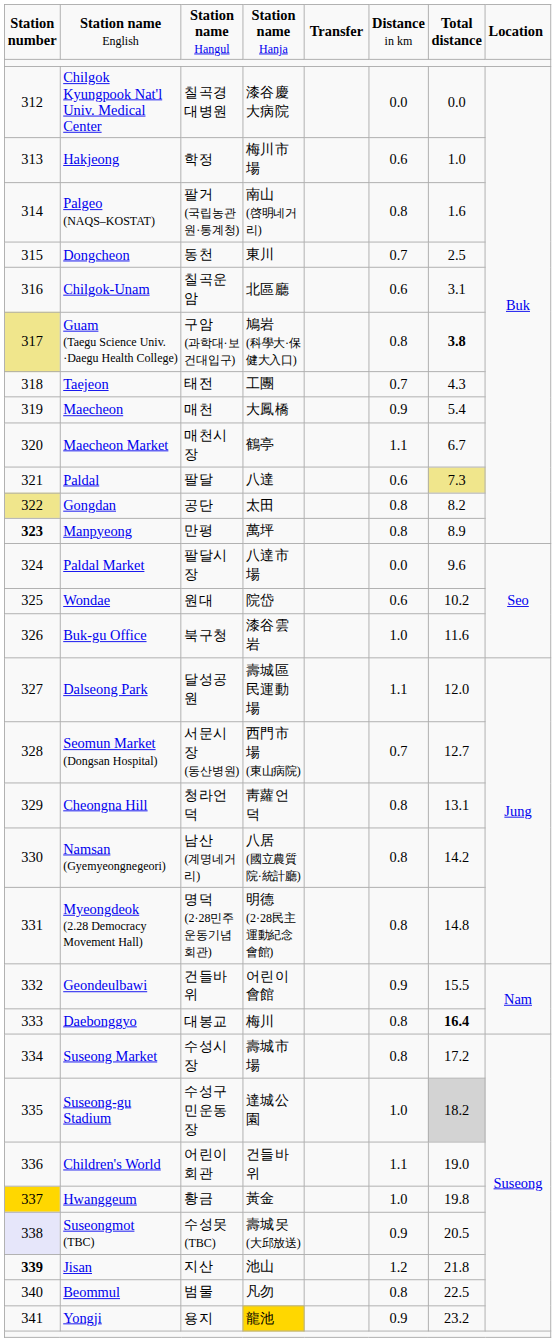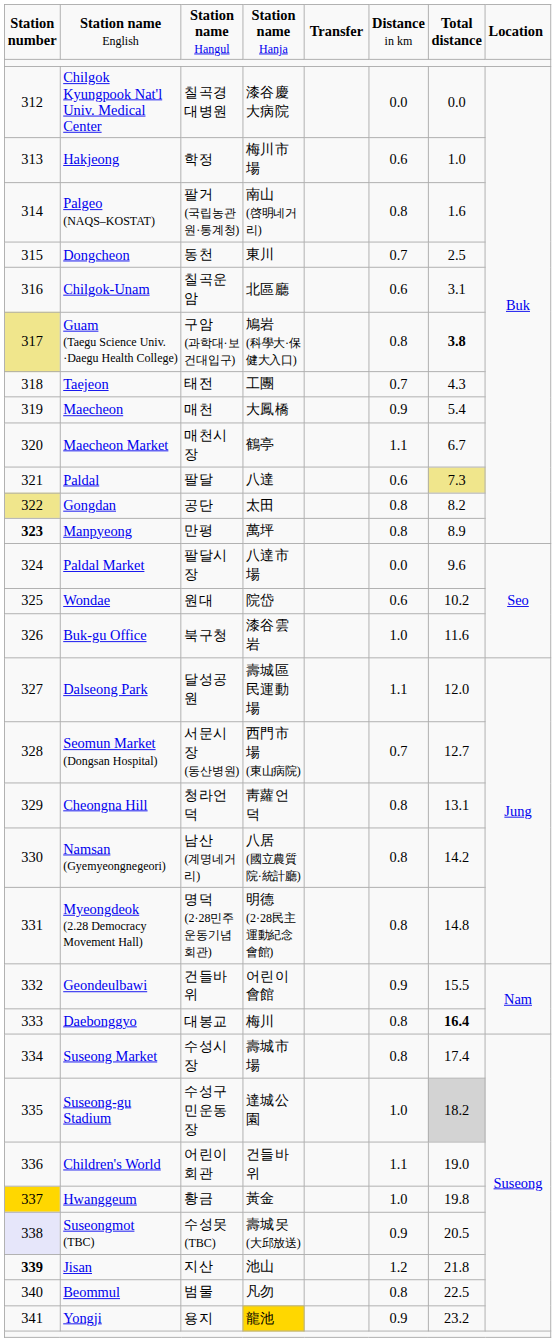 <table class="wikitable">
 <tr>
 <td style="text-align:center;"><strong>Station<br>number</strong></td>
 <td width = "220pt" style="text-align:center;"><strong>Station name</strong><br><small>English</small></td>
 <td width = "145pt" style="text-align:center;"><strong>Station name</strong><br><small><a href='#'>Hangul</a></small></td>
 <td width = "145pt" style="text-align:center;"><strong>Station name</strong><br><small><a href='#'>Hanja</a></small></td>
 <td width = "100pt" style="text-align:center;"><strong>Transfer</strong></td>
 <td style="text-align:center;"><strong>Distance</strong><br><small>in km</small></td>
 <td style="text-align:center;"><strong>Total<br>distance</strong></td>
 <td><strong>Location</strong></td>
 </tr>
 <tr style="background:#">
 <td colspan="10"></td>
 </tr>
 <tr>
 <td style="text-align:center;">312</td>
 <td><a href='#'>Chilgok Kyungpook Nat'l Univ. Medical Center</a></td>
 <td>칠곡경대병원</td>
 <td>漆谷慶大病院</td>
 <td></td>
 <td style="text-align:center;">0.0</td>
 <td style="text-align:center;">0.0</td>
 <td rowspan="12" style="text-align:center;"><a href='#'>Buk</a></td>
 </tr>
 <tr>
 <td style="text-align:center;">313</td>
 <td><a href='#'>Hakjeong</a></td>
 <td>학정</td>
 <td>梅川市場</td>
 <td></td>
 <td style="text-align:center;">0.6</td>
 <td style="text-align:center;">1.0</td>
 </tr>
 <tr>
 <td style="text-align:center;">314</td>
 <td><a href='#'>Palgeo</a><br><small>(NAQS–KOSTAT)</small></td>
 <td>팔거<br><small>(국립농관원·통계청)</small></td>
 <td>南山<br><small>(啓明네거리)</small></td>
 <td></td>
 <td style="text-align:center;">0.8</td>
 <td style="text-align:center;">1.6</td>
 </tr>
 <tr>
 <td style="text-align:center;">315</td>
 <td><a href='#'>Dongcheon</a></td>
 <td>동천</td>
 <td>東川</td>
 <td></td>
 <td style="text-align:center;">0.7</td>
 <td style="text-align:center;">2.5</td>
 </tr>
 <tr>
 <td style="text-align:center;">316</td>
 <td><a href='#'>Chilgok-Unam</a></td>
 <td>칠곡운암</td>
 <td>北區廳</td>
 <td></td>
 <td style="text-align:center;">0.6</td>
 <td style="text-align:center;">3.1</td>
 </tr>
 <tr>
 <td style="background: khaki; text-align:center;">317</td>
 <td><a href='#'>Guam</a><br><small>(Taegu Science Univ. ·Daegu Health College)</small></td>
 <td>구암<br><small>(과학대·보건대입구)</small></td>
 <td>鳩岩<br><small>(科學大·保健大入口)</small></td>
 <td></td>
 <td style="text-align:center;">0.8</td>
 <td style="text-align:center;"><strong>3.8</strong></td>
 </tr>
 <tr>
 <td style="text-align:center;">318</td>
 <td><a href='#'>Taejeon</a></td>
 <td>태전</td>
 <td>工團</td>
 <td></td>
 <td style="text-align:center;">0.7</td>
 <td style="text-align:center;">4.3</td>
 </tr>
 <tr>
 <td style="text-align:center;">319</td>
 <td><a href='#'>Maecheon</a></td>
 <td>매천</td>
 <td>大鳳橋</td>
 <td></td>
 <td style="text-align:center;">0.9</td>
 <td style="text-align:center;">5.4</td>
 </tr>
 <tr>
 <td style="text-align:center;">320</td>
 <td><a href='#'>Maecheon Market</a></td>
 <td>매천시장</td>
 <td>鶴亭</td>
 <td></td>
 <td style="text-align:center;">1.1</td>
 <td style="text-align:center;">6.7</td>
 </tr>
 <tr>
 <td style="text-align:center;">321</td>
 <td><a href='#'>Paldal</a></td>
 <td>팔달</td>
 <td>八達</td>
 <td></td>
 <td style="text-align:center;">0.6</td>
 <td style="background: khaki; text-align:center;">7.3</td>
 </tr>
 <tr>
 <td style="background: khaki; text-align:center;">322</td>
 <td><a href='#'>Gongdan</a></td>
 <td>공단</td>
 <td>太田</td>
 <td></td>
 <td style="text-align:center;">0.8</td>
 <td style="text-align:center;">8.2</td>
 </tr>
 <tr>
 <td style="text-align:center;"><strong>323</strong></td>
 <td><a href='#'>Manpyeong</a></td>
 <td>만평</td>
 <td>萬坪</td>
 <td></td>
 <td style="text-align:center;">0.8</td>
 <td style="text-align:center;">8.9</td>
 </tr>
 <tr>
 <td style="text-align:center;">324</td>
 <td><a href='#'>Paldal Market</a></td>
 <td>팔달시장</td>
 <td>八達市場</td>
 <td></td>
 <td style="text-align:center;">0.0</td>
 <td style="text-align:center;">9.6</td>
 <td width="100pt" rowspan="3" style="text-align:center;"><a href='#'>Seo</a></td>
 </tr>
 <tr>
 <td style="text-align:center;">325</td>
 <td><a href='#'>Wondae</a></td>
 <td>원대</td>
 <td>院岱</td>
 <td></td>
 <td style="text-align:center;">0.6</td>
 <td style="text-align:center;">10.2</td>
 </tr>
 <tr>
 <td style="text-align:center;">326</td>
 <td><a href='#'>Buk-gu Office</a></td>
 <td>북구청</td>
 <td>漆谷雲岩</td>
 <td></td>
 <td style="text-align:center;">1.0</td>
 <td style="text-align:center;">11.6</td>
 </tr>
 <tr>
 <td style="text-align:center;">327</td>
 <td><a href='#'>Dalseong Park</a></td>
 <td>달성공원</td>
 <td>壽城區民運動場</td>
 <td></td>
 <td style="text-align:center;">1.1</td>
 <td style="text-align:center;">12.0</td>
 <td width="100pt" rowspan="5" style="text-align:center;"><a href='#'>Jung</a></td>
 </tr>
 <tr>
 <td style="text-align:center;">328</td>
 <td><a href='#'>Seomun Market</a><br><small>(Dongsan Hospital)</small></td>
 <td>서문시장<br><small>(동산병원)</small></td>
 <td>西門市場<br><small>(東山病院)</small></td>
 <td></td>
 <td style="text-align:center;">0.7</td>
 <td style="text-align:center;">12.7</td>
 </tr>
 <tr>
 <td style="text-align:center;">329</td>
 <td><a href='#'>Cheongna Hill</a></td>
 <td>청라언덕</td>
 <td>靑蘿언덕</td>
 <td></td>
 <td style="text-align:center;">0.8</td>
 <td style="text-align:center;">13.1</td>
 </tr>
 <tr>
 <td style="text-align:center;">330</td>
 <td><a href='#'>Namsan</a><br><small>(Gyemyeongnegeori)</small></td>
 <td>남산<br><small>(계명네거리)</small></td>
 <td>八居<br><small>(國立農質院·統計廳)</small></td>
 <td></td>
 <td style="text-align:center;">0.8</td>
 <td style="text-align:center;">14.2</td>
 </tr>
 <tr>
 <td style="text-align:center;">331</td>
 <td><a href='#'>Myeongdeok</a><br><small>(2.28 Democracy Movement Hall)</small></td>
 <td>명덕<br><small>(2·28민주운동기념회관)</small></td>
 <td>明德<br><small>(2·28民主運動紀念會館)</small></td>
 <td></td>
 <td style="text-align:center;">0.8</td>
 <td style="text-align:center;">14.8</td>
 </tr>
 <tr>
 <td style="text-align:center;">332</td>
 <td><a href='#'>Geondeulbawi</a></td>
 <td>건들바위</td>
 <td>어린이會館</td>
 <td></td>
 <td style="text-align:center;">0.9</td>
 <td style="text-align:center;">15.5</td>
 <td width="100pt" rowspan="2" style="text-align:center;"><a href='#'>Nam</a></td>
 </tr>
 <tr>
 <td style="text-align:center;">333</td>
 <td><a href='#'>Daebonggyo</a></td>
 <td>대봉교</td>
 <td>梅川</td>
 <td></td>
 <td style="text-align:center;">0.8</td>
 <td style="text-align:center;"><strong>16.4</strong></td>
 </tr>
 <tr>
 <td style="text-align:center;">334</td>
 <td><a href='#'>Suseong Market</a></td>
 <td>수성시장</td>
 <td>壽城市場</td>
 <td></td>
 <td style="text-align:center;">0.8</td>
-<td style="text-align:center;">17.2</td>
+<td style="text-align:center;">17.4</td>
 <td width="100pt" rowspan="8" style="text-align:center;"><a href='#'>Suseong</a></td>
 </tr>
 <tr>
 <td style="text-align:center;">335</td>
 <td><a href='#'>Suseong-gu Stadium</a></td>
 <td>수성구민운동장</td>
 <td>達城公園</td>
 <td></td>
 <td style="text-align:center;">1.0</td>
 <td style="background: lightgrey; text-align:center;">18.2</td>
 </tr>
 <tr>
 <td style="text-align:center;">336</td>
 <td><a href='#'>Children's World</a></td>
 <td>어린이회관</td>
 <td>건들바위</td>
 <td></td>
 <td style="text-align:center;">1.1</td>
 <td style="text-align:center;">19.0</td>
 </tr>
 <tr>
 <td style="background: gold; text-align:center;">337</td>
 <td><a href='#'>Hwanggeum</a></td>
 <td>황금</td>
 <td>黃金</td>
 <td></td>
 <td style="text-align:center;">1.0</td>
 <td style="text-align:center;">19.8</td>
 </tr>
 <tr>
 <td style="background: lavender; text-align:center;">338</td>
 <td><a href='#'>Suseongmot</a><br><small>(TBC)</small></td>
 <td>수성못<br><small>(TBC)</small></td>
 <td>壽城못<br><small>(大邱放送)</small></td>
 <td></td>
 <td style="text-align:center;">0.9</td>
 <td style="text-align:center;">20.5</td>
 </tr>
 <tr>
 <td style="text-align:center;"><strong>339</strong></td>
 <td><a href='#'>Jisan</a></td>
 <td>지산</td>
 <td>池山</td>
 <td></td>
 <td style="text-align:center;">1.2</td>
 <td style="text-align:center;">21.8</td>
 </tr>
 <tr>
 <td style="text-align:center;">340</td>
 <td><a href='#'>Beommul</a></td>
 <td>범물</td>
 <td>凡勿</td>
 <td></td>
 <td style="text-align:center;">0.8</td>
 <td style="text-align:center;">22.5</td>
 </tr>
 <tr>
 <td style="text-align:center;">341</td>
 <td><a href='#'>Yongji</a></td>
 <td>용지</td>
 <td style="background: gold;">龍池</td>
 <td></td>
 <td style="text-align:center;">0.9</td>
 <td style="text-align:center;">23.2</td>
 </tr>
 <tr style="background:#">
 <td colspan="10"></td>
 </tr>
 </table>
